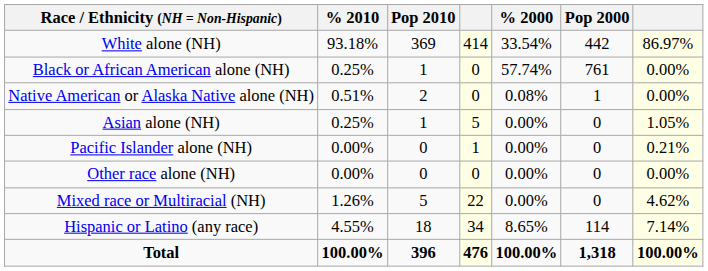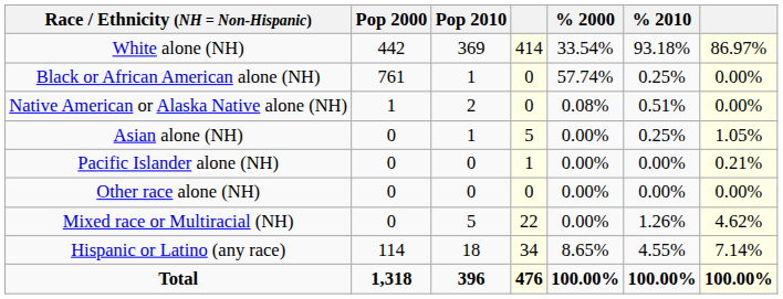 <table class="wikitable" style="text-align:center;">
 <tr>
 <th>Race / Ethnicity <small>(<em>NH = Non-Hispanic</em>)</small></th>
-<th>% 2010</th>
+<th>Pop 2000</th>
 <th>Pop 2010</th>
 <th></th>
 <th>% 2000</th>
-<th>Pop 2000</th>
+<th>% 2010</th>
 <th></th>
 </tr>
 <tr>
 <td><a href='#'>White</a> alone (NH)</td>
-<td>93.18%</td>
+<td>442</td>
 <td>369</td>
 <td style='background: #ffffe6;'>414</td>
 <td>33.54%</td>
-<td>442</td>
+<td>93.18%</td>
 <td style='background: #ffffe6;'>86.97%</td>
 </tr>
 <tr>
 <td><a href='#'>Black or African American</a> alone (NH)</td>
-<td>0.25%</td>
+<td>761</td>
 <td>1</td>
 <td style='background: #ffffe6;'>0</td>
 <td>57.74%</td>
-<td>761</td>
+<td>0.25%</td>
 <td style='background: #ffffe6;'>0.00%</td>
 </tr>
 <tr>
 <td><a href='#'>Native American</a> or <a href='#'>Alaska Native</a> alone (NH)</td>
-<td>0.51%</td>
+<td>1</td>
 <td>2</td>
 <td style='background: #ffffe6;'>0</td>
 <td>0.08%</td>
-<td>1</td>
+<td>0.51%</td>
 <td style='background: #ffffe6;'>0.00%</td>
 </tr>
 <tr>
 <td><a href='#'>Asian</a> alone (NH)</td>
-<td>0.25%</td>
+<td>0</td>
 <td>1</td>
 <td style='background: #ffffe6;'>5</td>
 <td>0.00%</td>
-<td>0</td>
+<td>0.25%</td>
 <td style='background: #ffffe6;'>1.05%</td>
 </tr>
 <tr>
 <td><a href='#'>Pacific Islander</a> alone (NH)</td>
-<td>0.00%</td>
+<td>0</td>
 <td>0</td>
 <td style='background: #ffffe6;'>1</td>
 <td>0.00%</td>
-<td>0</td>
+<td>0.00%</td>
 <td style='background: #ffffe6;'>0.21%</td>
 </tr>
 <tr>
 <td><a href='#'>Other race</a> alone (NH)</td>
-<td>0.00%</td>
+<td>0</td>
 <td>0</td>
 <td style='background: #ffffe6;'>0</td>
 <td>0.00%</td>
-<td>0</td>
+<td>0.00%</td>
 <td style='background: #ffffe6;'>0.00%</td>
 </tr>
 <tr>
 <td><a href='#'>Mixed race or Multiracial</a> (NH)</td>
-<td>1.26%</td>
+<td>0</td>
 <td>5</td>
 <td style='background: #ffffe6;'>22</td>
 <td>0.00%</td>
-<td>0</td>
+<td>1.26%</td>
 <td style='background: #ffffe6;'>4.62%</td>
 </tr>
 <tr>
 <td><a href='#'>Hispanic or Latino</a> (any race)</td>
-<td>4.55%</td>
+<td>114</td>
 <td>18</td>
 <td style='background: #ffffe6;'>34</td>
 <td>8.65%</td>
-<td>114</td>
+<td>4.55%</td>
 <td style='background: #ffffe6;'>7.14%</td>
 </tr>
 <tr>
 <td><strong>Total</strong></td>
-<td><strong>100.00%</strong></td>
+<td><strong>1,318</strong></td>
 <td><strong>396</strong></td>
 <td style='background: #ffffe6;'><strong>476</strong></td>
 <td><strong>100.00%</strong></td>
-<td><strong>1,318</strong></td>
+<td><strong>100.00%</strong></td>
 <td style='background: #ffffe6;'><strong>100.00%</strong></td>
 </tr>
 </table>
